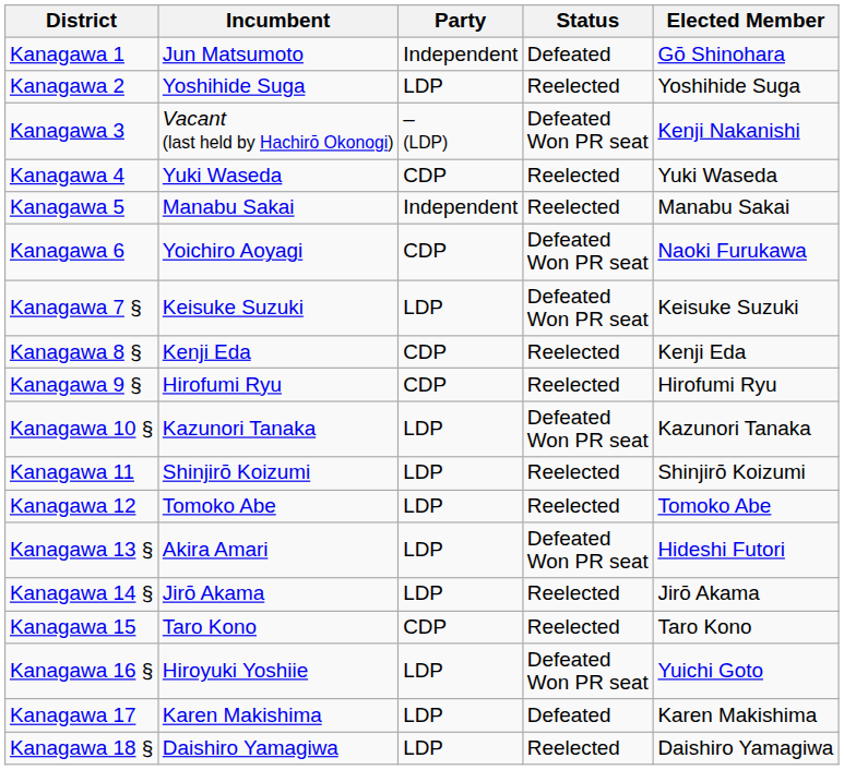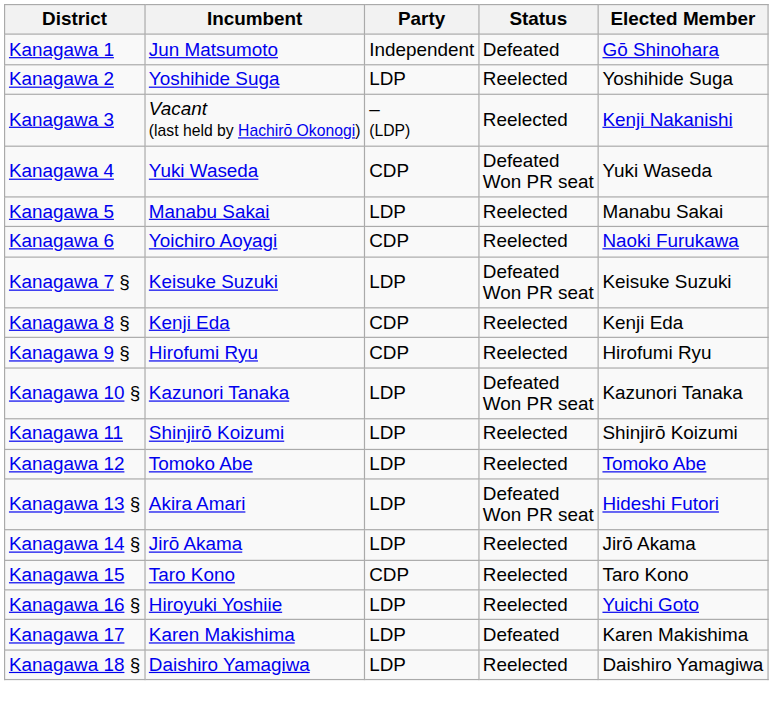 <table class="wikitable">
 <tr>
 <th>District</th>
 <th>Incumbent</th>
 <th>Party</th>
 <th>Status</th>
 <th>Elected Member</th>
 </tr>
 <tr>
 <td><a href='#'>Kanagawa 1</a></td>
 <td><a href='#'>Jun Matsumoto</a></td>
 <td>Independent</td>
 <td>Defeated</td>
 <td><a href='#'>Gō Shinohara</a></td>
 </tr>
 <tr>
 <td><a href='#'>Kanagawa 2</a></td>
 <td><a href='#'>Yoshihide Suga</a></td>
 <td>LDP</td>
 <td>Reelected</td>
 <td>Yoshihide Suga</td>
 </tr>
 <tr>
 <td><a href='#'>Kanagawa 3</a></td>
 <td><em>Vacant</em><br><small>(last held by <a href='#'>Hachirō Okonogi</a>)</small></td>
 <td>–<br><small>(LDP)</small></td>
-<td>Defeated<br>Won PR seat</td>
+<td>Reelected</td>
 <td><a href='#'>Kenji Nakanishi</a></td>
 </tr>
 <tr>
 <td><a href='#'>Kanagawa 4</a></td>
 <td><a href='#'>Yuki Waseda</a></td>
 <td>CDP</td>
-<td>Reelected</td>
+<td>Defeated<br>Won PR seat</td>
 <td>Yuki Waseda</td>
 </tr>
 <tr>
 <td><a href='#'>Kanagawa 5</a></td>
 <td><a href='#'>Manabu Sakai</a></td>
-<td>Independent</td>
+<td>LDP</td>
 <td>Reelected</td>
 <td>Manabu Sakai</td>
 </tr>
 <tr>
 <td><a href='#'>Kanagawa 6</a></td>
 <td><a href='#'>Yoichiro Aoyagi</a></td>
 <td>CDP</td>
-<td>Defeated<br>Won PR seat</td>
+<td>Reelected</td>
 <td><a href='#'>Naoki Furukawa</a></td>
 </tr>
 <tr>
 <td><a href='#'>Kanagawa 7</a> §</td>
 <td><a href='#'>Keisuke Suzuki</a></td>
 <td>LDP</td>
 <td>Defeated<br>Won PR seat</td>
 <td>Keisuke Suzuki</td>
 </tr>
 <tr>
 <td><a href='#'>Kanagawa 8</a> §</td>
 <td><a href='#'>Kenji Eda</a></td>
 <td>CDP</td>
 <td>Reelected</td>
 <td>Kenji Eda</td>
 </tr>
 <tr>
 <td><a href='#'>Kanagawa 9</a> §</td>
 <td><a href='#'>Hirofumi Ryu</a></td>
 <td>CDP</td>
 <td>Reelected</td>
 <td>Hirofumi Ryu</td>
 </tr>
 <tr>
 <td><a href='#'>Kanagawa 10</a> §</td>
 <td><a href='#'>Kazunori Tanaka</a></td>
 <td>LDP</td>
 <td>Defeated<br>Won PR seat</td>
 <td>Kazunori Tanaka</td>
 </tr>
 <tr>
 <td><a href='#'>Kanagawa 11</a></td>
 <td><a href='#'>Shinjirō Koizumi</a></td>
 <td>LDP</td>
 <td>Reelected</td>
 <td>Shinjirō Koizumi</td>
 </tr>
 <tr>
 <td><a href='#'>Kanagawa 12</a></td>
 <td><a href='#'>Tomoko Abe</a></td>
 <td>LDP</td>
 <td>Reelected</td>
 <td><a href='#'>Tomoko Abe</a></td>
 </tr>
 <tr>
 <td><a href='#'>Kanagawa 13</a> §</td>
 <td><a href='#'>Akira Amari</a></td>
 <td>LDP</td>
 <td>Defeated<br>Won PR seat</td>
 <td><a href='#'>Hideshi Futori</a></td>
 </tr>
 <tr>
 <td><a href='#'>Kanagawa 14</a> §</td>
 <td><a href='#'>Jirō Akama</a></td>
 <td>LDP</td>
 <td>Reelected</td>
 <td>Jirō Akama</td>
 </tr>
 <tr>
 <td><a href='#'>Kanagawa 15</a></td>
 <td><a href='#'>Taro Kono</a></td>
 <td>CDP</td>
 <td>Reelected</td>
 <td>Taro Kono</td>
 </tr>
 <tr>
 <td><a href='#'>Kanagawa 16</a> §</td>
 <td><a href='#'>Hiroyuki Yoshiie</a></td>
 <td>LDP</td>
-<td>Defeated<br>Won PR seat</td>
+<td>Reelected</td>
 <td><a href='#'>Yuichi Goto</a></td>
 </tr>
 <tr>
 <td><a href='#'>Kanagawa 17</a></td>
 <td><a href='#'>Karen Makishima</a></td>
 <td>LDP</td>
 <td>Defeated</td>
 <td>Karen Makishima</td>
 </tr>
 <tr>
 <td><a href='#'>Kanagawa 18</a> §</td>
 <td><a href='#'>Daishiro Yamagiwa</a></td>
 <td>LDP</td>
 <td>Reelected</td>
 <td>Daishiro Yamagiwa</td>
 </tr>
 </table>
